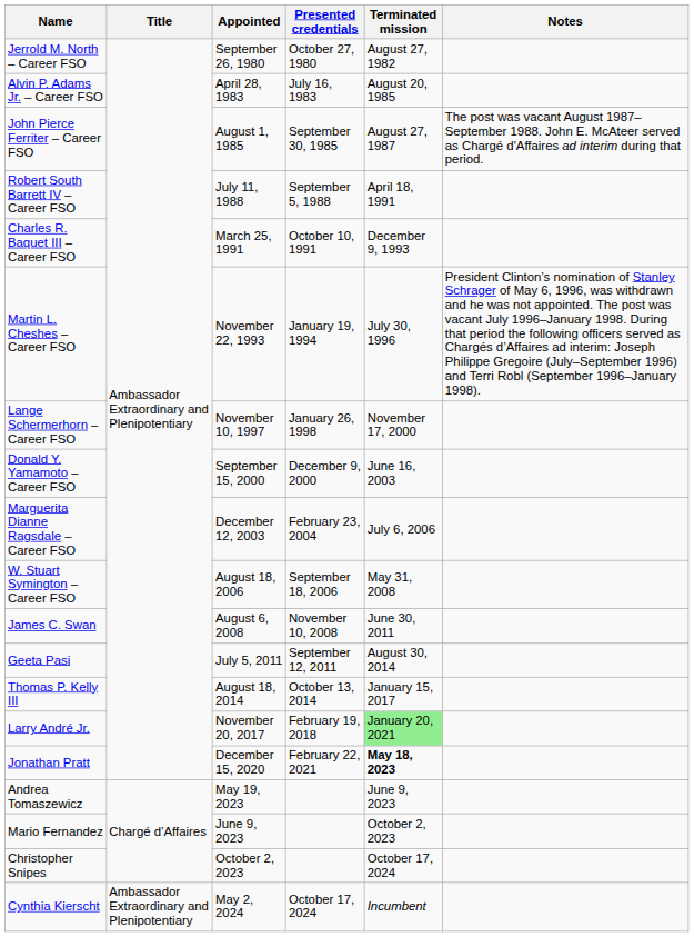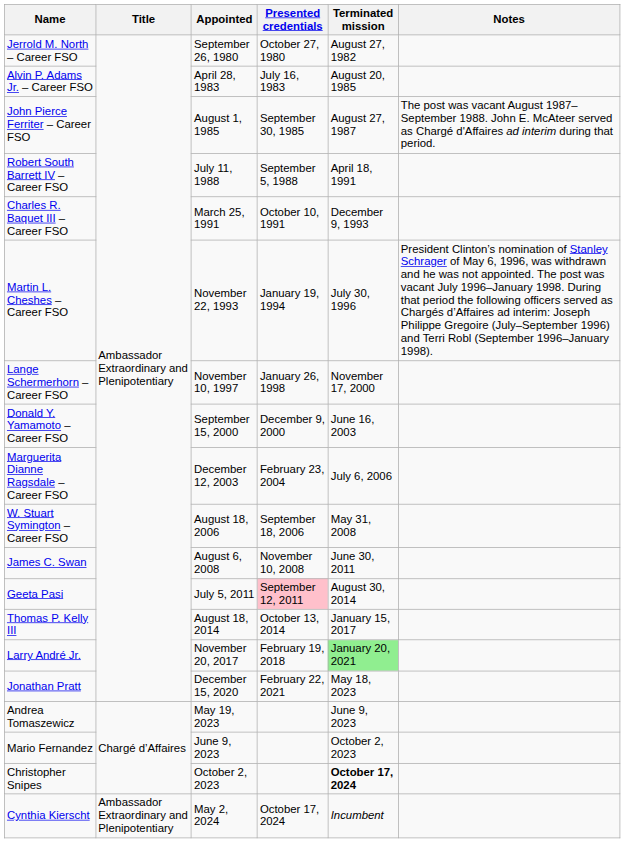 <table class="wikitable">
 <tr>
 <th>Name</th>
 <th>Title</th>
 <th>Appointed</th>
 <th><a href='#'>Presented credentials</a></th>
 <th>Terminated mission</th>
 <th>Notes</th>
 </tr>
 <tr>
 <td><a href='#'>Jerrold M. North</a> – Career FSO</td>
 <td rowspan="15">Ambassador Extraordinary and Plenipotentiary</td>
 <td>September 26, 1980</td>
 <td>October 27, 1980</td>
 <td>August 27, 1982</td>
 <td></td>
 </tr>
 <tr>
 <td><a href='#'>Alvin P. Adams Jr.</a> – Career FSO</td>
 <td>April 28, 1983</td>
 <td>July 16, 1983</td>
 <td>August 20, 1985</td>
 <td></td>
 </tr>
 <tr>
 <td><a href='#'>John Pierce Ferriter</a> – Career FSO</td>
 <td>August 1, 1985</td>
 <td>September 30, 1985</td>
 <td>August 27, 1987</td>
 <td>The post was vacant August 1987–September 1988. John E. McAteer served as Chargé d'Affaires <em>ad interim</em> during that period.</td>
 </tr>
 <tr>
 <td><a href='#'>Robert South Barrett IV</a> – Career FSO</td>
 <td>July 11, 1988</td>
 <td>September 5, 1988</td>
 <td>April 18, 1991</td>
 <td></td>
 </tr>
 <tr>
 <td><a href='#'>Charles R. Baquet III</a> – Career FSO</td>
 <td>March 25, 1991</td>
 <td>October 10, 1991</td>
 <td>December 9, 1993</td>
 <td></td>
 </tr>
 <tr>
 <td><a href='#'>Martin L. Cheshes</a> – Career FSO</td>
 <td>November 22, 1993</td>
 <td>January 19, 1994</td>
 <td>July 30, 1996</td>
 <td>President Clinton’s nomination of <a href='#'>Stanley Schrager</a> of May 6, 1996, was withdrawn and he was not appointed.    The post was vacant July 1996–January 1998. During that period the following officers served as Chargés d’Affaires ad interim:  Joseph Philippe Gregoire (July–September 1996) and Terri Robl (September 1996–January 1998).</td>
 </tr>
 <tr>
 <td><a href='#'>Lange Schermerhorn</a> – Career FSO</td>
 <td>November 10, 1997</td>
 <td>January 26, 1998</td>
 <td>November 17, 2000</td>
 <td></td>
 </tr>
 <tr>
 <td><a href='#'>Donald Y. Yamamoto</a> – Career FSO</td>
 <td>September 15, 2000</td>
 <td>December 9, 2000</td>
 <td>June 16, 2003</td>
 <td></td>
 </tr>
 <tr>
 <td><a href='#'>Marguerita Dianne Ragsdale</a> – Career FSO</td>
 <td>December 12, 2003</td>
 <td>February 23, 2004</td>
 <td>July 6, 2006</td>
 <td></td>
 </tr>
 <tr>
 <td><a href='#'>W. Stuart Symington</a> – Career FSO</td>
 <td>August 18, 2006</td>
 <td>September 18, 2006</td>
 <td>May 31, 2008</td>
 <td></td>
 </tr>
 <tr>
 <td><a href='#'>James C. Swan</a></td>
 <td>August 6, 2008</td>
 <td>November 10, 2008</td>
 <td>June 30, 2011</td>
 <td></td>
 </tr>
 <tr>
 <td><a href='#'>Geeta Pasi</a></td>
 <td>July 5, 2011</td>
-<td>September 12, 2011</td>
+<td style="background: pink;">September 12, 2011</td>
 <td>August 30, 2014</td>
 <td></td>
 </tr>
 <tr>
 <td><a href='#'>Thomas P. Kelly III</a></td>
 <td>August 18, 2014</td>
 <td>October 13, 2014</td>
 <td>January 15, 2017</td>
 <td></td>
 </tr>
 <tr>
 <td><a href='#'>Larry André Jr.</a></td>
 <td>November 20, 2017</td>
 <td>February 19, 2018</td>
 <td style="background: lightgreen;">January 20, 2021</td>
 <td></td>
 </tr>
 <tr>
 <td><a href='#'>Jonathan Pratt</a></td>
 <td>December 15, 2020</td>
 <td>February 22, 2021</td>
-<td><strong>May 18, 2023</strong></td>
+<td>May 18, 2023</td>
 <td></td>
 </tr>
 <tr>
 <td>Andrea Tomaszewicz</td>
 <td rowspan="3">Chargé d’Affaires</td>
 <td>May 19, 2023</td>
 <td></td>
 <td>June 9, 2023</td>
 <td></td>
 </tr>
 <tr>
 <td>Mario Fernandez</td>
 <td>June 9, 2023</td>
 <td></td>
 <td>October 2, 2023</td>
 <td></td>
 </tr>
 <tr>
 <td>Christopher Snipes</td>
 <td>October 2, 2023</td>
 <td></td>
-<td>October 17, 2024</td>
+<td><strong>October 17, 2024</strong></td>
 <td></td>
 </tr>
 <tr>
 <td><a href='#'>Cynthia Kierscht</a></td>
 <td>Ambassador Extraordinary and Plenipotentiary</td>
 <td>May 2, 2024</td>
 <td>October 17, 2024</td>
 <td><em>Incumbent</em></td>
 <td></td>
 </tr>
 </table>
